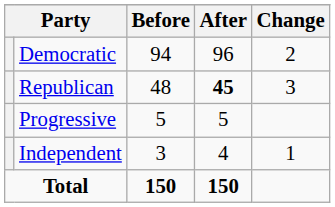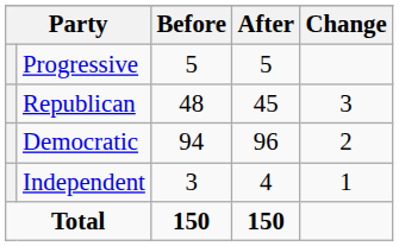 <table class="wikitable" style="text-align:center;">
 <tr>
 </tr>
 <tr>
 <th colspan=2>Party</th>
 <th>Before</th>
 <th>After</th>
 <th>Change</th>
 </tr>
 <tr>
 <th style="background-color:"></th>
-<td style="text-align:left;"><a href='#'>Democratic</a></td>
-<td>94</td>
-<td>96</td>
-<td> 2</td>
+<td style="text-align:left;"><a href='#'>Progressive</a></td>
+<td>5</td>
+<td>5</td>
+<td></td>
 </tr>
 <tr>
 <th style="background-color:"></th>
 <td style="text-align:left;"><a href='#'>Republican</a></td>
 <td>48</td>
-<td><strong>45</strong></td>
+<td>45</td>
 <td> 3</td>
 </tr>
 <tr>
 <th style="background-color:"></th>
-<td style="text-align:left;"><a href='#'>Progressive</a></td>
-<td>5</td>
-<td>5</td>
-<td></td>
+<td style="text-align:left;"><a href='#'>Democratic</a></td>
+<td>94</td>
+<td>96</td>
+<td> 2</td>
 </tr>
 <tr>
 <th style="background-color:"></th>
 <td style="text-align:left;"><a href='#'>Independent</a></td>
 <td>3</td>
 <td>4</td>
 <td> 1</td>
 </tr>
 <tr>
 <td colspan=2><strong>Total</strong></td>
 <td><strong>150</strong></td>
 <td><strong>150</strong></td>
 <td></td>
 </tr>
 </table>
